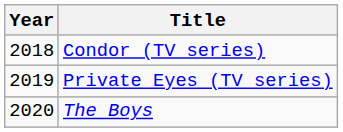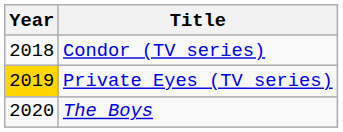 <table class="wikitable">
 <tr>
 <th>Year</th>
 <th>Title</th>
 </tr>
 <tr>
 <td>2018</td>
 <td><a href='#'>Condor (TV series)</a></td>
 </tr>
 <tr>
-<td>2019</td>
+<td style="background: gold;">2019</td>
 <td><a href='#'>Private Eyes (TV series)</a></td>
 </tr>
 <tr>
 <td>2020</td>
 <td><em><a href='#'>The Boys</a></em></td>
 </tr>
 </table>
